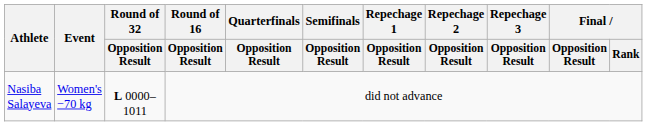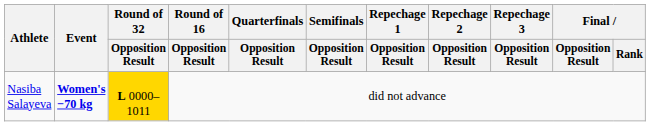 <table class="wikitable" style="font-size:90%">
 <tr>
 <th rowspan="2">Athlete</th>
 <th rowspan="2">Event</th>
 <th>Round of 32</th>
 <th>Round of 16</th>
 <th>Quarterfinals</th>
 <th>Semifinals</th>
 <th>Repechage 1</th>
 <th>Repechage 2</th>
 <th>Repechage 3</th>
 <th colspan=2>Final / </th>
 </tr>
 <tr style="font-size:95%">
 <th>Opposition<br>Result</th>
 <th>Opposition<br>Result</th>
 <th>Opposition<br>Result</th>
 <th>Opposition<br>Result</th>
 <th>Opposition<br>Result</th>
 <th>Opposition<br>Result</th>
 <th>Opposition<br>Result</th>
 <th>Opposition<br>Result</th>
 <th>Rank</th>
 </tr>
 <tr align=center>
 <td align=left><a href='#'>Nasiba Salayeva</a></td>
-<td align=left><a href='#'>Women's −70 kg</a></td>
-<td><br><strong>L</strong> 0000–1011</td>
+<td align=left><strong><a href='#'>Women's −70 kg</a></strong></td>
+<td style="background: gold;"><br><strong>L</strong> 0000–1011</td>
 <td colspan=8>did not advance</td>
 </tr>
 </table>
